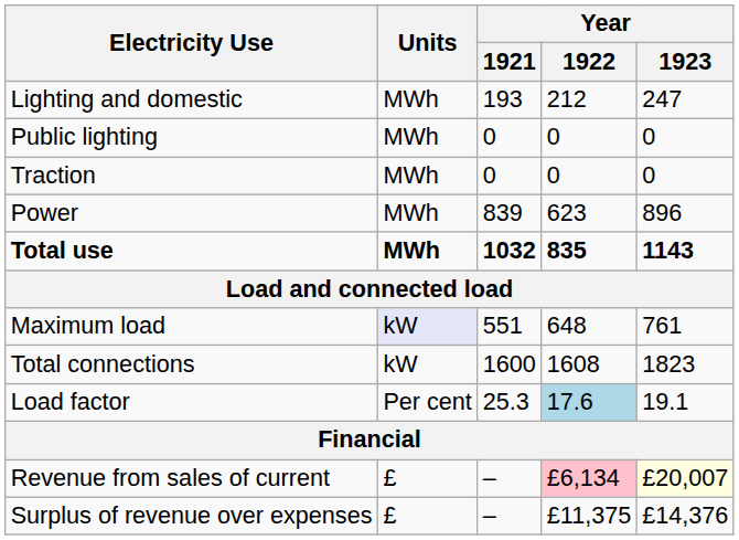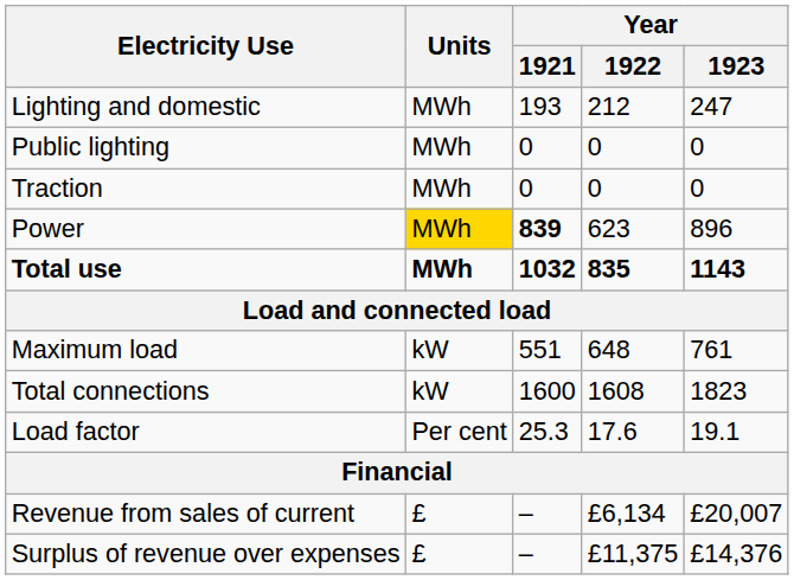 <table class="wikitable">
 <tr>
 <th rowspan="2">Electricity Use</th>
 <th rowspan="2">Units</th>
 <th colspan="3">Year</th>
 </tr>
 <tr>
 <th>1921</th>
 <th>1922</th>
 <th>1923</th>
 </tr>
 <tr>
 <td>Lighting and domestic</td>
 <td>MWh</td>
 <td>193</td>
 <td>212</td>
 <td>247</td>
 </tr>
 <tr>
 <td>Public lighting</td>
 <td>MWh</td>
 <td>0</td>
 <td>0</td>
 <td>0</td>
 </tr>
 <tr>
 <td>Traction</td>
 <td>MWh</td>
 <td>0</td>
 <td>0</td>
 <td>0</td>
 </tr>
 <tr>
 <td>Power</td>
-<td>MWh</td>
-<td>839</td>
+<td style="background: gold;">MWh</td>
+<td><strong>839</strong></td>
 <td>623</td>
 <td>896</td>
 </tr>
 <tr>
 <td><strong>Total use</strong></td>
 <td><strong>MWh</strong></td>
 <td><strong>1032</strong></td>
 <td><strong>835</strong></td>
 <td><strong>1143</strong></td>
 </tr>
 <tr>
 <th colspan="5">Load and connected load</th>
 </tr>
 <tr>
 <td>Maximum load</td>
-<td style="background: lavender;">kW</td>
+<td>kW</td>
 <td>551</td>
 <td>648</td>
 <td>761</td>
 </tr>
 <tr>
 <td>Total connections</td>
 <td>kW</td>
 <td>1600</td>
 <td>1608</td>
 <td>1823</td>
 </tr>
 <tr>
 <td>Load factor</td>
 <td>Per cent</td>
 <td>25.3</td>
-<td style="background: lightblue;">17.6</td>
+<td>17.6</td>
 <td>19.1</td>
 </tr>
 <tr>
 <th colspan="5">Financial</th>
 </tr>
 <tr>
 <td>Revenue from sales of current</td>
 <td>£</td>
 <td>–</td>
-<td style="background: pink;">£6,134</td>
-<td style="background: lightyellow;">£20,007</td>
+<td>£6,134</td>
+<td>£20,007</td>
 </tr>
 <tr>
 <td>Surplus of revenue over expenses</td>
 <td>£</td>
 <td>–</td>
 <td>£11,375</td>
 <td>£14,376</td>
 </tr>
 </table>
